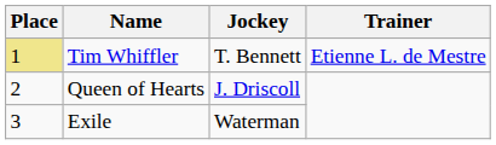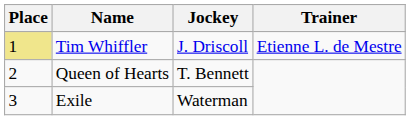 <table class="wikitable">
 <tr>
 <th>Place</th>
 <th>Name</th>
 <th>Jockey</th>
 <th>Trainer</th>
 </tr>
 <tr>
 <td style="background: khaki;">1</td>
 <td><a href='#'>Tim Whiffler</a></td>
-<td>T. Bennett</td>
+<td><a href='#'>J. Driscoll</a></td>
 <td><a href='#'>Etienne L. de Mestre</a></td>
 </tr>
 <tr>
 <td>2</td>
 <td>Queen of Hearts</td>
-<td><a href='#'>J. Driscoll</a></td>
+<td>T. Bennett</td>
 </tr>
 <tr>
 <td>3</td>
 <td>Exile</td>
 <td>Waterman</td>
 </tr>
 </table>
